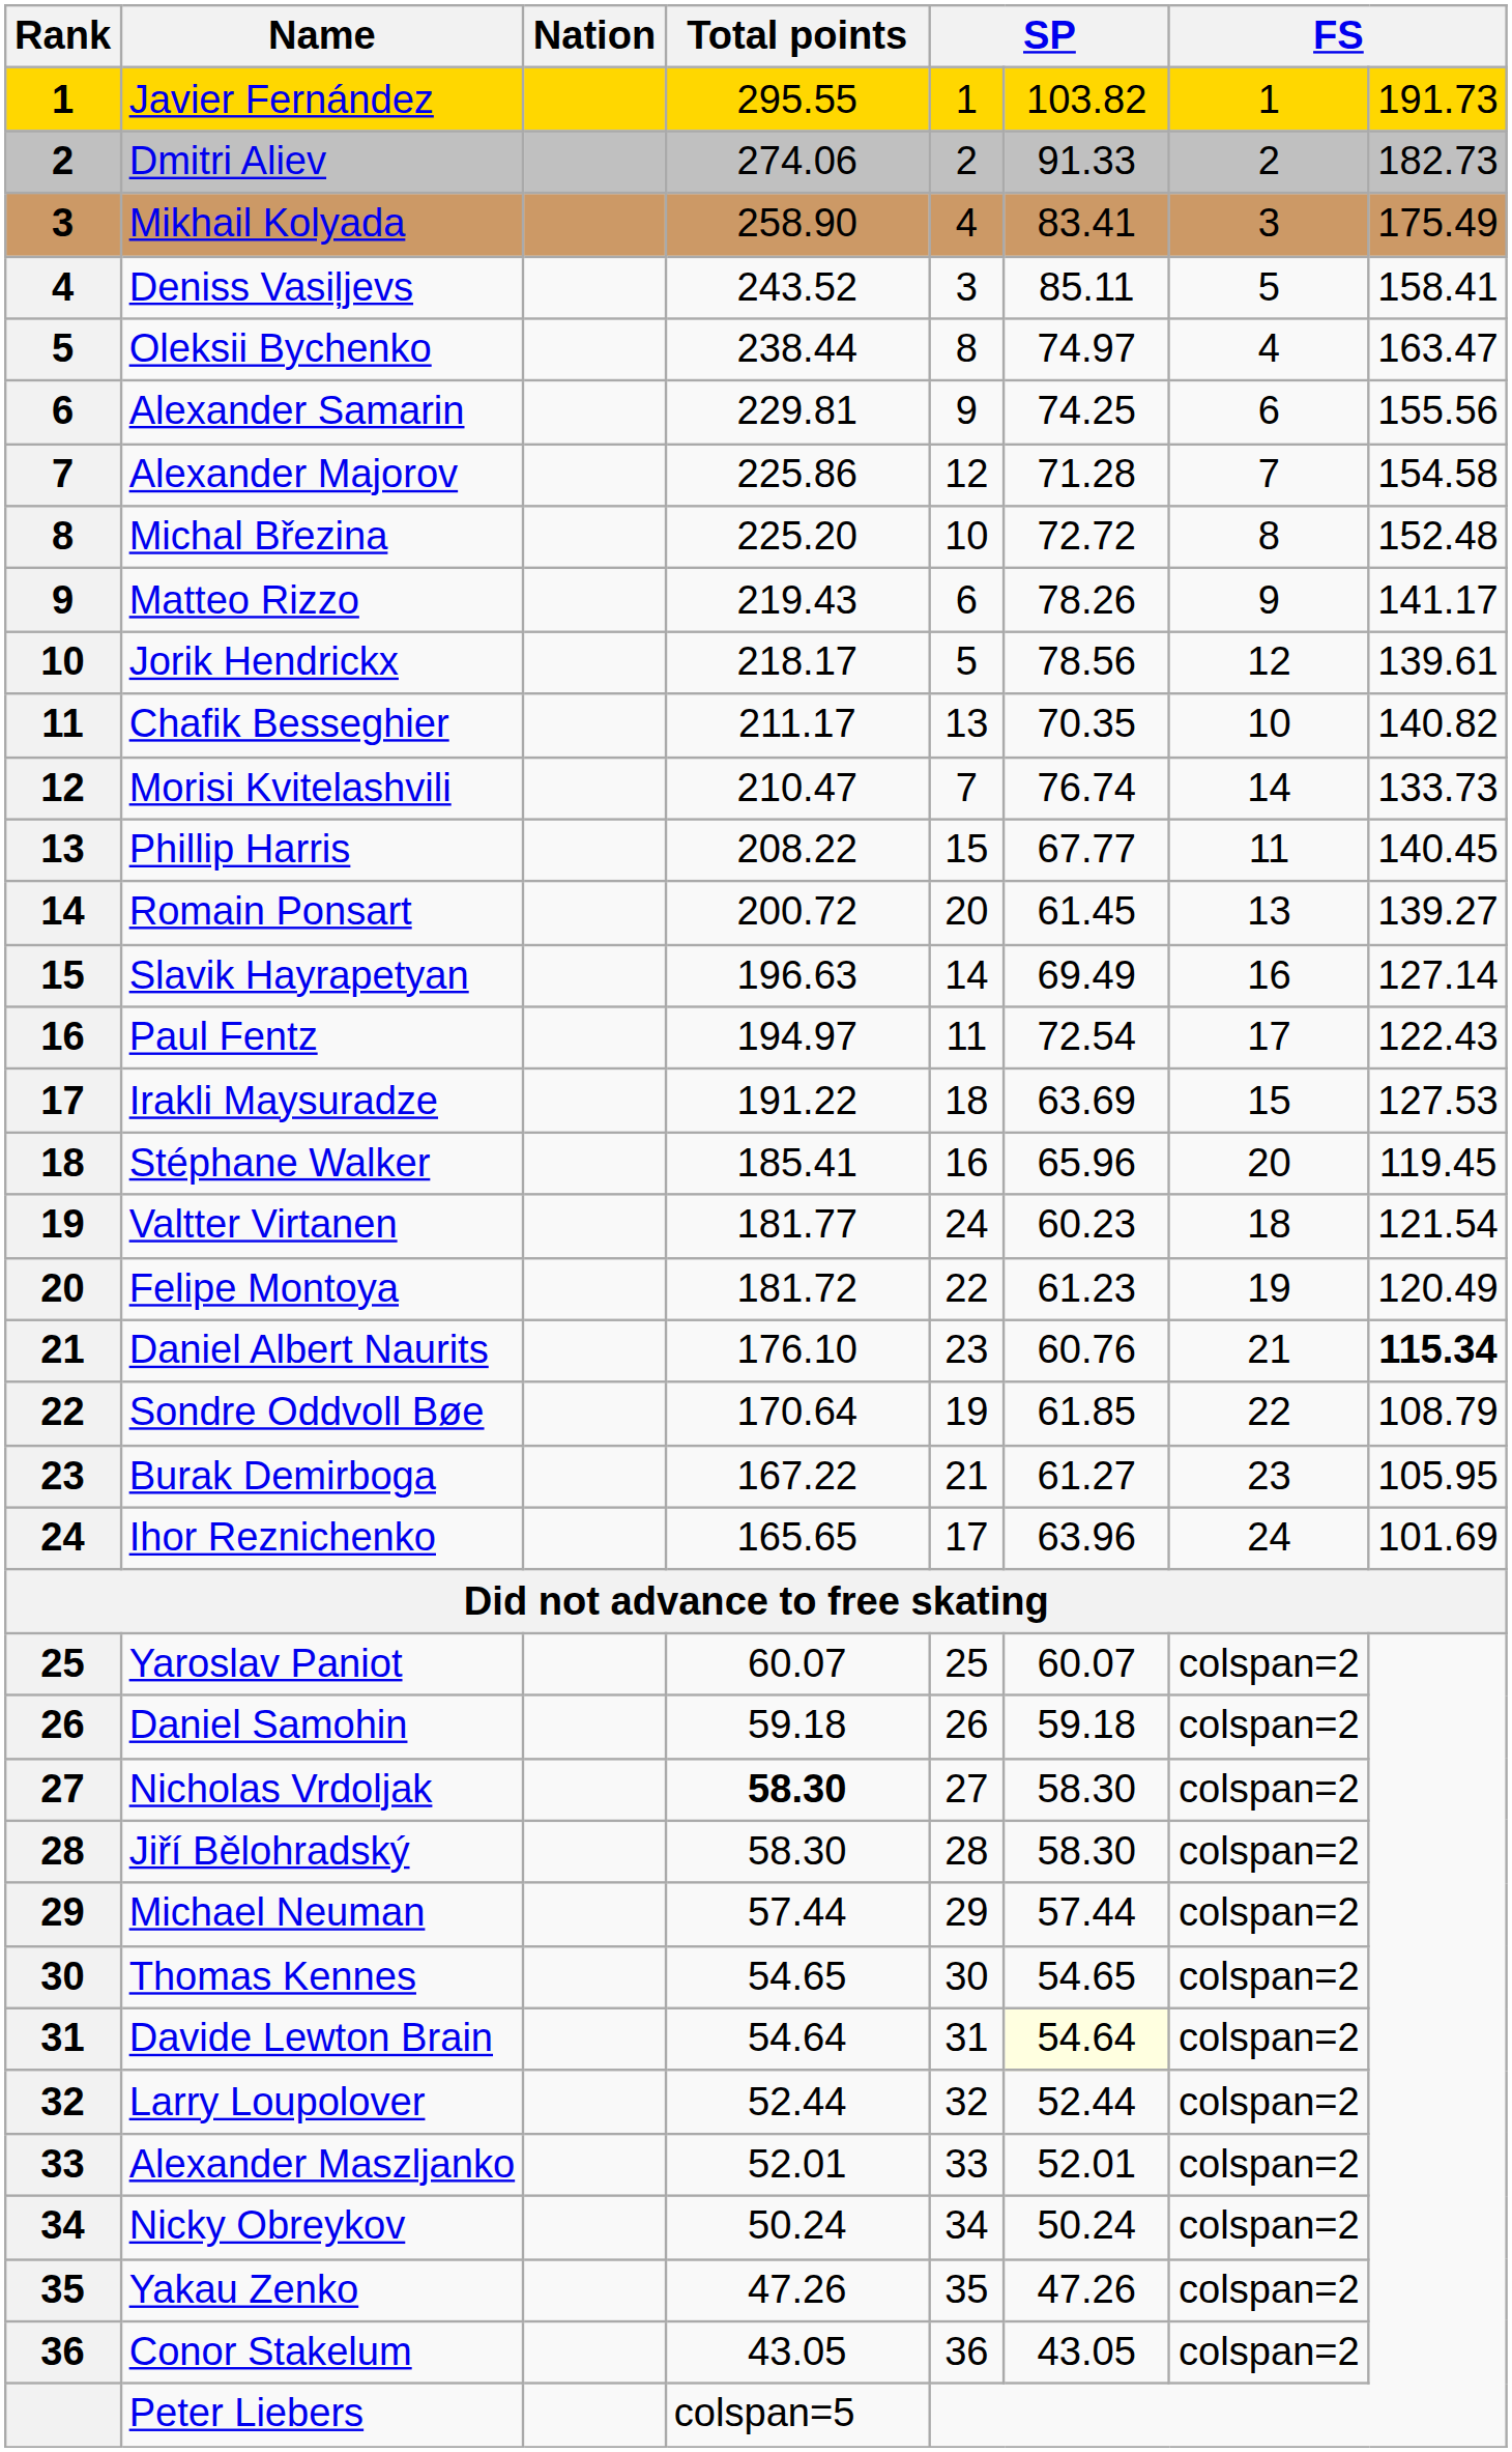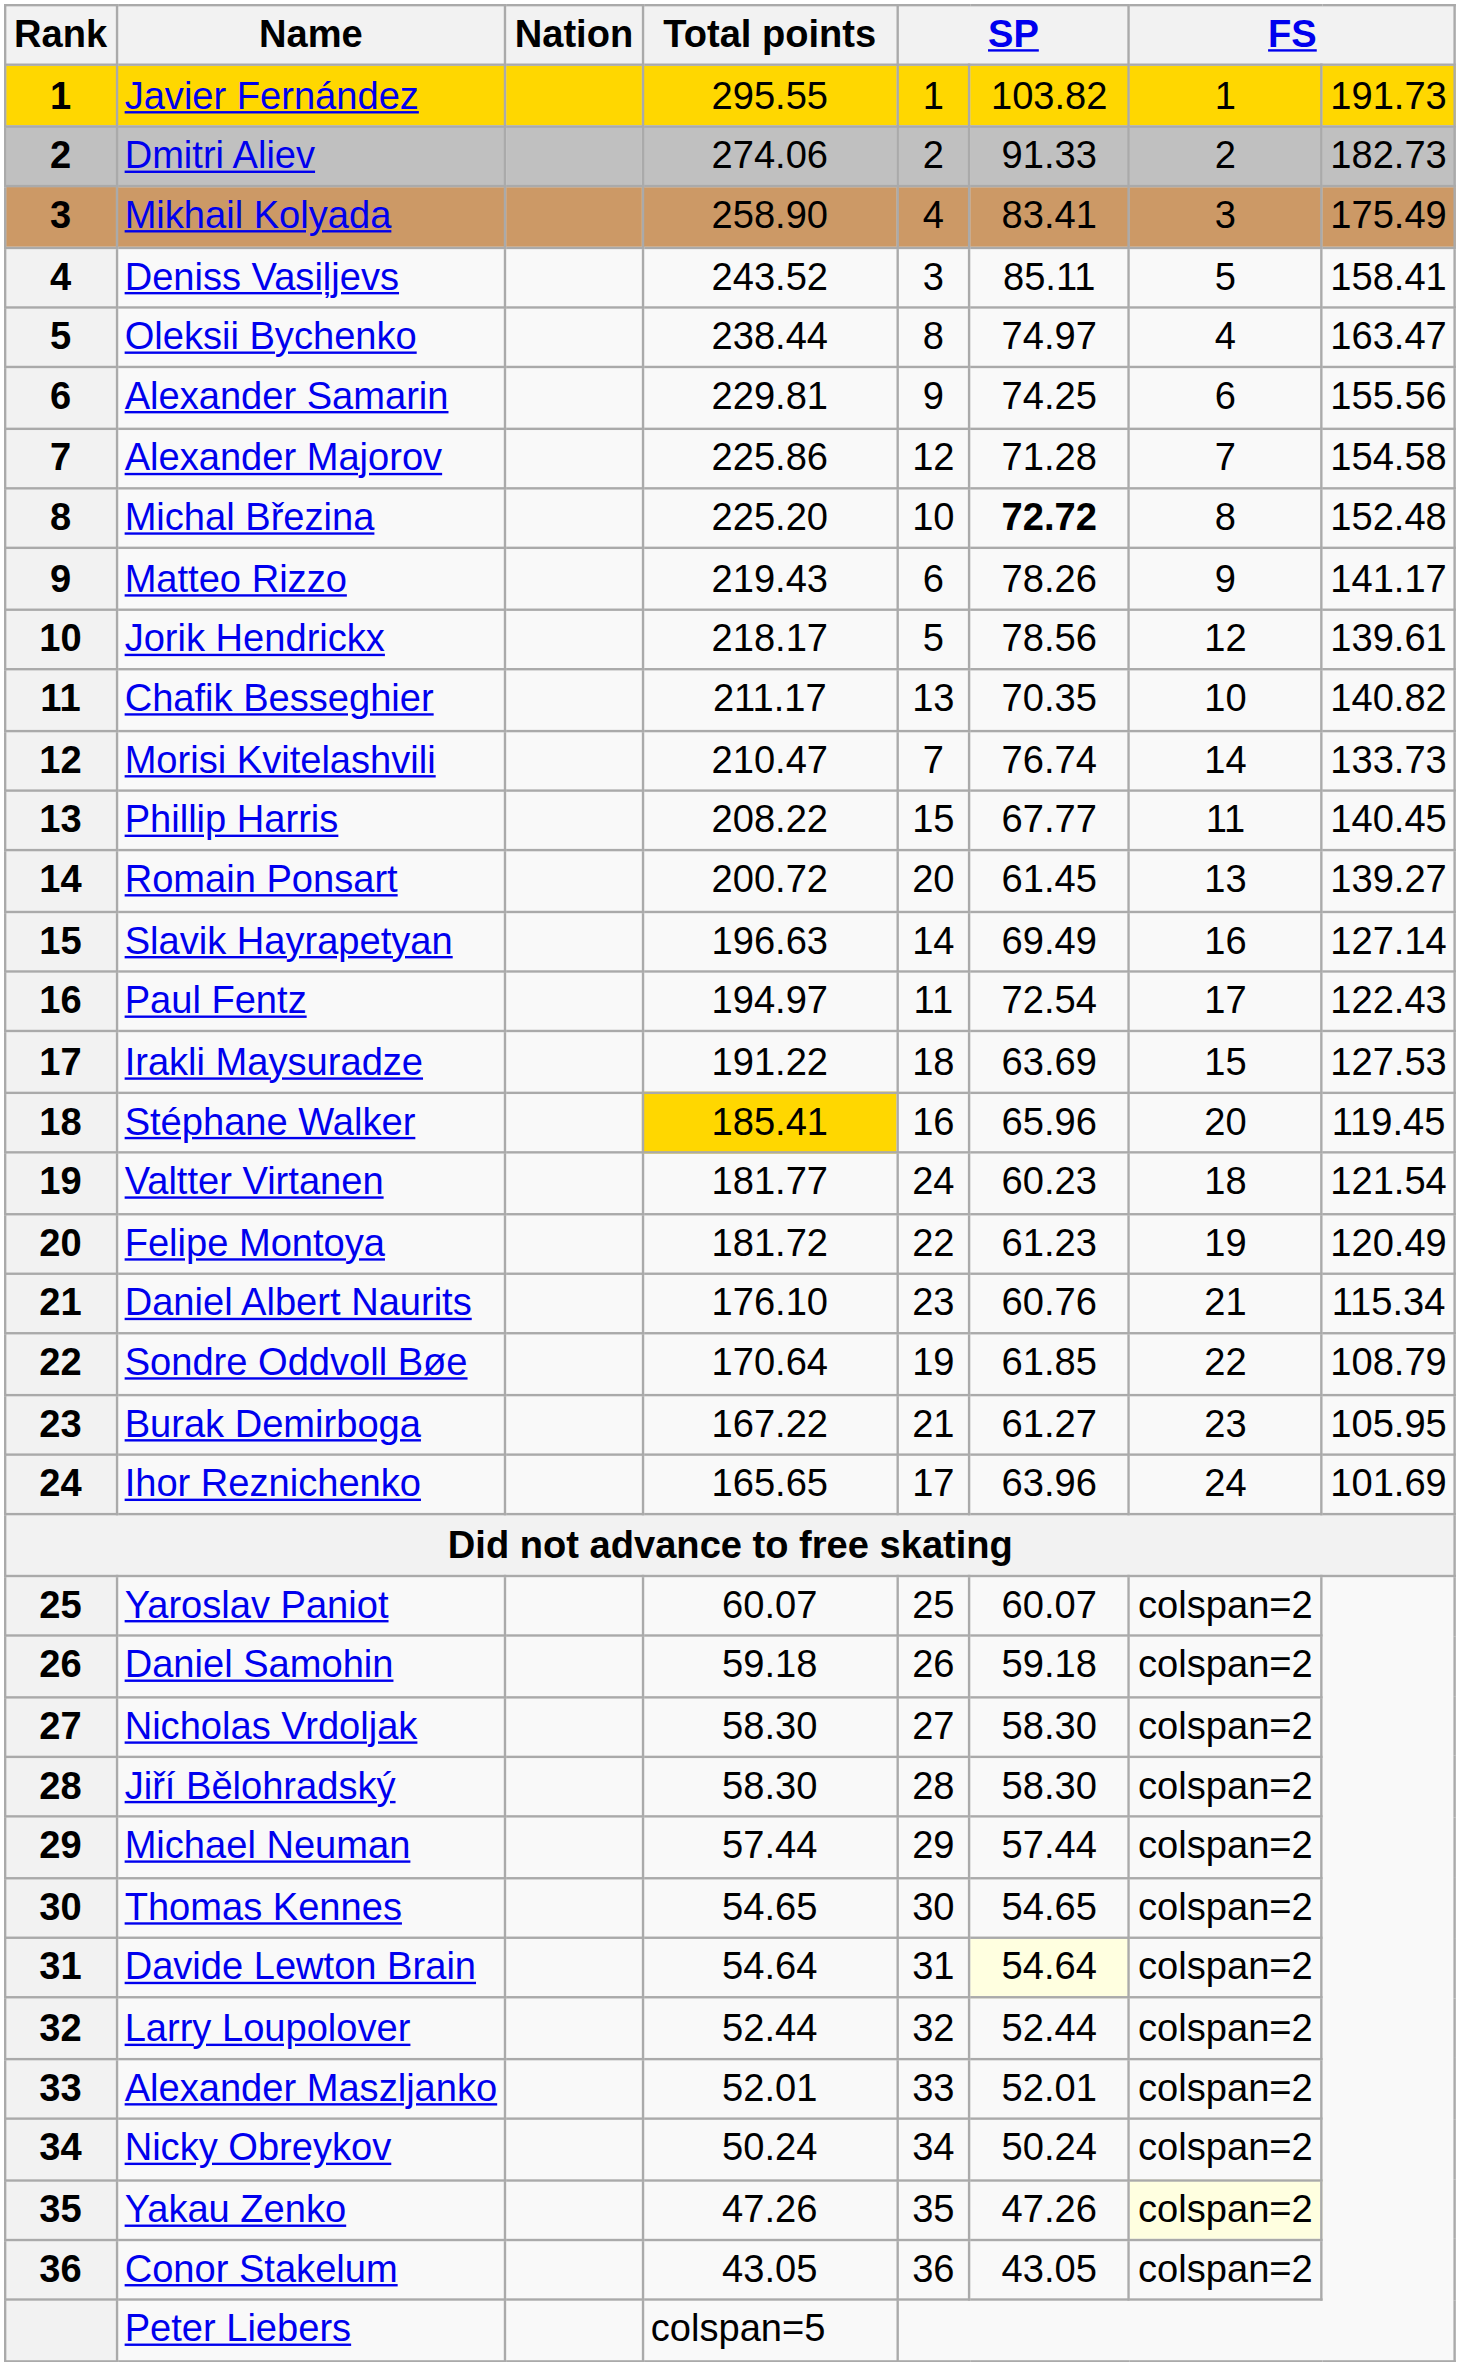 <table class="wikitable sortable">
 <tr>
 <th>Rank</th>
 <th>Name</th>
 <th>Nation</th>
 <th width="100px">Total points</th>
 <th colspan="2" width="90px"><a href='#'>SP</a></th>
 <th colspan="2" width="90px"><a href='#'>FS</a></th>
 </tr>
 <tr bgcolor="gold">
 <td align="center" bgcolor="gold"><strong>1</strong></td>
 <td><a href='#'>Javier Fernández</a></td>
 <td></td>
 <td align="center">295.55</td>
 <td align="center">1</td>
 <td align="center">103.82</td>
 <td align="center">1</td>
 <td align="center">191.73</td>
 </tr>
 <tr bgcolor="silver">
 <td align="center" bgcolor="silver"><strong>2</strong></td>
 <td><a href='#'>Dmitri Aliev</a></td>
 <td></td>
 <td align="center">274.06</td>
 <td align="center">2</td>
 <td align="center">91.33</td>
 <td align="center">2</td>
 <td align="center">182.73</td>
 </tr>
 <tr bgcolor="#cc9966">
 <td align="center" bgcolor="#cc9966"><strong>3</strong></td>
 <td><a href='#'>Mikhail Kolyada</a></td>
 <td></td>
 <td align="center">258.90</td>
 <td align="center">4</td>
 <td align="center">83.41</td>
 <td align="center">3</td>
 <td align="center">175.49</td>
 </tr>
 <tr>
 <th>4</th>
 <td><a href='#'>Deniss Vasiļjevs</a></td>
 <td></td>
 <td align="center">243.52</td>
 <td align="center">3</td>
 <td align="center">85.11</td>
 <td align="center">5</td>
 <td align="center">158.41</td>
 </tr>
 <tr>
 <th>5</th>
 <td><a href='#'>Oleksii Bychenko</a></td>
 <td></td>
 <td align="center">238.44</td>
 <td align="center">8</td>
 <td align="center">74.97</td>
 <td align="center">4</td>
 <td align="center">163.47</td>
 </tr>
 <tr>
 <th>6</th>
 <td><a href='#'>Alexander Samarin</a></td>
 <td></td>
 <td align="center">229.81</td>
 <td align="center">9</td>
 <td align="center">74.25</td>
 <td align="center">6</td>
 <td align="center">155.56</td>
 </tr>
 <tr>
 <th>7</th>
 <td><a href='#'>Alexander Majorov</a></td>
 <td></td>
 <td align="center">225.86</td>
 <td align="center">12</td>
 <td align="center">71.28</td>
 <td align="center">7</td>
 <td align="center">154.58</td>
 </tr>
 <tr>
 <th>8</th>
 <td><a href='#'>Michal Březina</a></td>
 <td></td>
 <td align="center">225.20</td>
 <td align="center">10</td>
-<td align="center">72.72</td>
+<td align="center"><strong>72.72</strong></td>
 <td align="center">8</td>
 <td align="center">152.48</td>
 </tr>
 <tr>
 <th>9</th>
 <td><a href='#'>Matteo Rizzo</a></td>
 <td></td>
 <td align="center">219.43</td>
 <td align="center">6</td>
 <td align="center">78.26</td>
 <td align="center">9</td>
 <td align="center">141.17</td>
 </tr>
 <tr>
 <th>10</th>
 <td><a href='#'>Jorik Hendrickx</a></td>
 <td></td>
 <td align="center">218.17</td>
 <td align="center">5</td>
 <td align="center">78.56</td>
 <td align="center">12</td>
 <td align="center">139.61</td>
 </tr>
 <tr>
 <th>11</th>
 <td><a href='#'>Chafik Besseghier</a></td>
 <td></td>
 <td align="center">211.17</td>
 <td align="center">13</td>
 <td align="center">70.35</td>
 <td align="center">10</td>
 <td align="center">140.82</td>
 </tr>
 <tr>
 <th>12</th>
 <td><a href='#'>Morisi Kvitelashvili</a></td>
 <td></td>
 <td align="center">210.47</td>
 <td align="center">7</td>
 <td align="center">76.74</td>
 <td align="center">14</td>
 <td align="center">133.73</td>
 </tr>
 <tr>
 <th>13</th>
 <td><a href='#'>Phillip Harris</a></td>
 <td></td>
 <td align="center">208.22</td>
 <td align="center">15</td>
 <td align="center">67.77</td>
 <td align="center">11</td>
 <td align="center">140.45</td>
 </tr>
 <tr>
 <th>14</th>
 <td><a href='#'>Romain Ponsart</a></td>
 <td></td>
 <td align="center">200.72</td>
 <td align="center">20</td>
 <td align="center">61.45</td>
 <td align="center">13</td>
 <td align="center">139.27</td>
 </tr>
 <tr>
 <th>15</th>
 <td><a href='#'>Slavik Hayrapetyan</a></td>
 <td></td>
 <td align="center">196.63</td>
 <td align="center">14</td>
 <td align="center">69.49</td>
 <td align="center">16</td>
 <td align="center">127.14</td>
 </tr>
 <tr>
 <th>16</th>
 <td><a href='#'>Paul Fentz</a></td>
 <td></td>
 <td align="center">194.97</td>
 <td align="center">11</td>
 <td align="center">72.54</td>
 <td align="center">17</td>
 <td align="center">122.43</td>
 </tr>
 <tr>
 <th>17</th>
 <td><a href='#'>Irakli Maysuradze</a></td>
 <td></td>
 <td align="center">191.22</td>
 <td align="center">18</td>
 <td align="center">63.69</td>
 <td align="center">15</td>
 <td align="center">127.53</td>
 </tr>
 <tr>
 <th>18</th>
 <td><a href='#'>Stéphane Walker</a></td>
 <td></td>
-<td align="center">185.41</td>
+<td align="center" style="background: gold;">185.41</td>
 <td align="center">16</td>
 <td align="center">65.96</td>
 <td align="center">20</td>
 <td align="center">119.45</td>
 </tr>
 <tr>
 <th>19</th>
 <td><a href='#'>Valtter Virtanen</a></td>
 <td></td>
 <td align="center">181.77</td>
 <td align="center">24</td>
 <td align="center">60.23</td>
 <td align="center">18</td>
 <td align="center">121.54</td>
 </tr>
 <tr>
 <th>20</th>
 <td><a href='#'>Felipe Montoya</a></td>
 <td></td>
 <td align="center">181.72</td>
 <td align="center">22</td>
 <td align="center">61.23</td>
 <td align="center">19</td>
 <td align="center">120.49</td>
 </tr>
 <tr>
 <th>21</th>
 <td><a href='#'>Daniel Albert Naurits</a></td>
 <td></td>
 <td align="center">176.10</td>
 <td align="center">23</td>
 <td align="center">60.76</td>
 <td align="center">21</td>
-<td align="center"><strong>115.34</strong></td>
+<td align="center">115.34</td>
 </tr>
 <tr>
 <th>22</th>
 <td><a href='#'>Sondre Oddvoll Bøe</a></td>
 <td></td>
 <td align="center">170.64</td>
 <td align="center">19</td>
 <td align="center">61.85</td>
 <td align="center">22</td>
 <td align="center">108.79</td>
 </tr>
 <tr>
 <th>23</th>
 <td><a href='#'>Burak Demirboga</a></td>
 <td></td>
 <td align="center">167.22</td>
 <td align="center">21</td>
 <td align="center">61.27</td>
 <td align="center">23</td>
 <td align="center">105.95</td>
 </tr>
 <tr>
 <th>24</th>
 <td><a href='#'>Ihor Reznichenko</a></td>
 <td></td>
 <td align="center">165.65</td>
 <td align="center">17</td>
 <td align="center">63.96</td>
 <td align="center">24</td>
 <td align="center">101.69</td>
 </tr>
 <tr>
 <th colspan=8>Did not advance to free skating</th>
 </tr>
 <tr>
 <th>25</th>
 <td><a href='#'>Yaroslav Paniot</a></td>
 <td></td>
 <td align="center">60.07</td>
 <td align="center">25</td>
 <td align="center">60.07</td>
 <td>colspan=2 </td>
 </tr>
 <tr>
 <th>26</th>
 <td><a href='#'>Daniel Samohin</a></td>
 <td></td>
 <td align="center">59.18</td>
 <td align="center">26</td>
 <td align="center">59.18</td>
 <td>colspan=2 </td>
 </tr>
 <tr>
 <th>27</th>
 <td><a href='#'>Nicholas Vrdoljak</a></td>
 <td></td>
-<td align="center"><strong>58.30</strong></td>
+<td align="center">58.30</td>
 <td align="center">27</td>
 <td align="center">58.30</td>
 <td>colspan=2 </td>
 </tr>
 <tr>
 <th>28</th>
 <td><a href='#'>Jiří Bělohradský</a></td>
 <td></td>
 <td align="center">58.30</td>
 <td align="center">28</td>
 <td align="center">58.30</td>
 <td>colspan=2 </td>
 </tr>
 <tr>
 <th>29</th>
 <td><a href='#'>Michael Neuman</a></td>
 <td></td>
 <td align="center">57.44</td>
 <td align="center">29</td>
 <td align="center">57.44</td>
 <td>colspan=2 </td>
 </tr>
 <tr>
 <th>30</th>
 <td><a href='#'>Thomas Kennes</a></td>
 <td></td>
 <td align="center">54.65</td>
 <td align="center">30</td>
 <td align="center">54.65</td>
 <td>colspan=2 </td>
 </tr>
 <tr>
 <th>31</th>
 <td><a href='#'>Davide Lewton Brain</a></td>
 <td></td>
 <td align="center">54.64</td>
 <td align="center">31</td>
 <td align="center" style="background: lightyellow;">54.64</td>
 <td>colspan=2 </td>
 </tr>
 <tr>
 <th>32</th>
 <td><a href='#'>Larry Loupolover</a></td>
 <td></td>
 <td align="center">52.44</td>
 <td align="center">32</td>
 <td align="center">52.44</td>
 <td>colspan=2 </td>
 </tr>
 <tr>
 <th>33</th>
 <td><a href='#'>Alexander Maszljanko</a></td>
 <td></td>
 <td align="center">52.01</td>
 <td align="center">33</td>
 <td align="center">52.01</td>
 <td>colspan=2 </td>
 </tr>
 <tr>
 <th>34</th>
 <td><a href='#'>Nicky Obreykov</a></td>
 <td></td>
 <td align="center">50.24</td>
 <td align="center">34</td>
 <td align="center">50.24</td>
 <td>colspan=2 </td>
 </tr>
 <tr>
 <th>35</th>
 <td><a href='#'>Yakau Zenko</a></td>
 <td></td>
 <td align="center">47.26</td>
 <td align="center">35</td>
 <td align="center">47.26</td>
-<td>colspan=2 </td>
+<td style="background: lightyellow;">colspan=2 </td>
 </tr>
 <tr>
 <th>36</th>
 <td><a href='#'>Conor Stakelum</a></td>
 <td></td>
 <td align="center">43.05</td>
 <td align="center">36</td>
 <td align="center">43.05</td>
 <td>colspan=2 </td>
 </tr>
 <tr>
 <th></th>
 <td><a href='#'>Peter Liebers</a></td>
 <td></td>
 <td>colspan=5 </td>
 </tr>
 </table>
